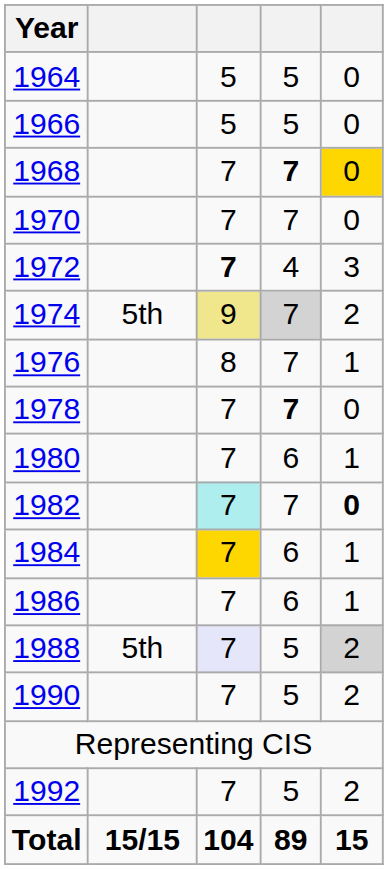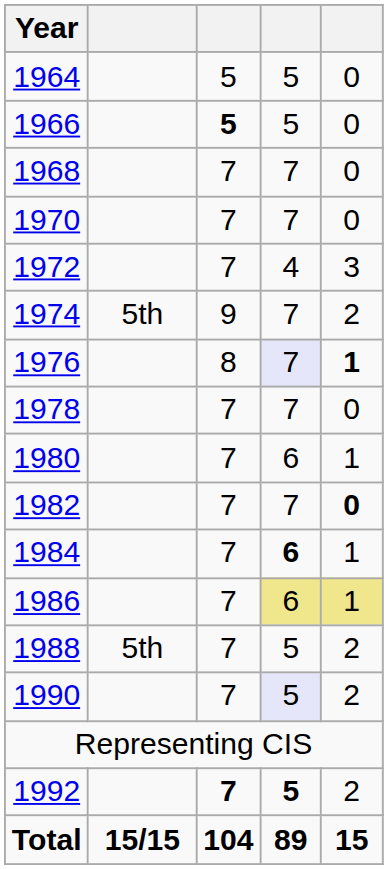 <table class="wikitable" style="text-align: center;">
 <tr>
 <th>Year</th>
 <th width="50"></th>
 <th width=25></th>
 <th width=25></th>
 <th width=25></th>
 </tr>
 <tr>
 <td> <a href='#'>1964</a></td>
 <td></td>
 <td>5</td>
 <td>5</td>
 <td>0</td>
 </tr>
 <tr>
 <td> <a href='#'>1966</a></td>
 <td></td>
-<td>5</td>
+<td><strong>5</strong></td>
 <td>5</td>
 <td>0</td>
 </tr>
 <tr>
 <td> <a href='#'>1968</a></td>
 <td></td>
 <td>7</td>
-<td><strong>7</strong></td>
-<td style="background: gold;">0</td>
+<td>7</td>
+<td>0</td>
 </tr>
 <tr>
 <td> <a href='#'>1970</a></td>
 <td></td>
 <td>7</td>
 <td>7</td>
 <td>0</td>
 </tr>
 <tr>
 <td> <a href='#'>1972</a></td>
 <td></td>
-<td><strong>7</strong></td>
+<td>7</td>
 <td>4</td>
 <td>3</td>
 </tr>
 <tr>
 <td> <a href='#'>1974</a></td>
 <td>5th</td>
-<td style="background: khaki;">9</td>
-<td style="background: lightgrey;">7</td>
+<td>9</td>
+<td>7</td>
 <td>2</td>
 </tr>
 <tr>
 <td> <a href='#'>1976</a></td>
 <td></td>
 <td>8</td>
-<td>7</td>
-<td>1</td>
+<td style="background: lavender;">7</td>
+<td><strong>1</strong></td>
 </tr>
 <tr>
 <td> <a href='#'>1978</a></td>
 <td></td>
 <td>7</td>
-<td><strong>7</strong></td>
+<td>7</td>
 <td>0</td>
 </tr>
 <tr>
 <td> <a href='#'>1980</a></td>
 <td></td>
 <td>7</td>
 <td>6</td>
 <td>1</td>
 </tr>
 <tr>
 <td> <a href='#'>1982</a></td>
 <td></td>
-<td style="background: paleturquoise;">7</td>
+<td>7</td>
 <td>7</td>
 <td><strong>0</strong></td>
 </tr>
 <tr>
 <td> <a href='#'>1984</a></td>
 <td></td>
-<td style="background: gold;">7</td>
-<td>6</td>
+<td>7</td>
+<td><strong>6</strong></td>
 <td>1</td>
 </tr>
 <tr>
 <td> <a href='#'>1986</a></td>
 <td></td>
 <td>7</td>
-<td>6</td>
-<td>1</td>
+<td style="background: khaki;">6</td>
+<td style="background: khaki;">1</td>
 </tr>
 <tr>
 <td> <a href='#'>1988</a></td>
 <td>5th</td>
-<td style="background: lavender;">7</td>
+<td>7</td>
 <td>5</td>
-<td style="background: lightgrey;">2</td>
+<td>2</td>
 </tr>
 <tr>
 <td> <a href='#'>1990</a></td>
 <td></td>
 <td>7</td>
-<td>5</td>
+<td style="background: lavender;">5</td>
 <td>2</td>
 </tr>
 <tr>
 <td colspan=5>Representing CIS</td>
 </tr>
 <tr>
 <td> <a href='#'>1992</a></td>
 <td></td>
-<td>7</td>
-<td>5</td>
+<td><strong>7</strong></td>
+<td><strong>5</strong></td>
 <td>2</td>
 </tr>
 <tr>
 <td><strong>Total</strong></td>
 <td><strong>15/15</strong></td>
 <td><strong>104</strong></td>
 <td><strong>89</strong></td>
 <td><strong>15</strong></td>
 </tr>
 </table>
